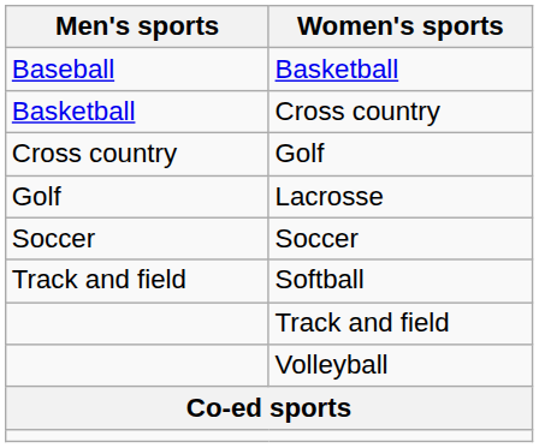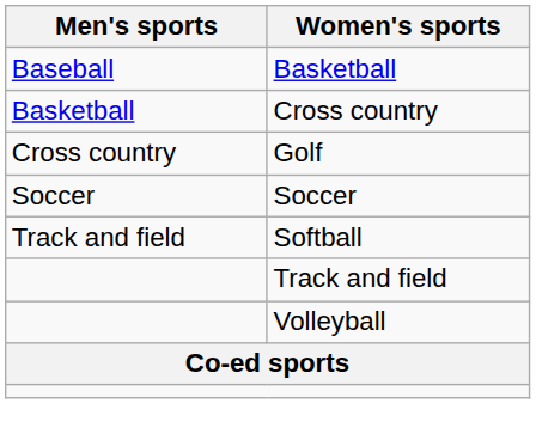 <table class="wikitable"; style= "text-align: ">
 <tr>
 <th width=150px>Men's sports</th>
 <th width=150px>Women's sports</th>
 </tr>
 <tr>
 <td><a href='#'>Baseball</a></td>
 <td><a href='#'>Basketball</a></td>
 </tr>
 <tr>
 <td><a href='#'>Basketball</a></td>
 <td>Cross country</td>
 </tr>
 <tr>
 <td>Cross country</td>
 <td>Golf</td>
-</tr>
-<tr>
-<td>Golf</td>
-<td>Lacrosse</td>
 </tr>
 <tr>
 <td>Soccer</td>
 <td>Soccer</td>
 </tr>
 <tr>
 <td>Track and field</td>
 <td>Softball</td>
 </tr>
 <tr>
 <td></td>
 <td>Track and field</td>
 </tr>
 <tr>
 <td></td>
 <td>Volleyball</td>
 </tr>
 <tr>
 <th colspan=2>Co-ed sports</th>
 </tr>
 <tr>
 <td colspan=2></td>
 </tr>
 </table>
